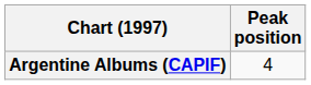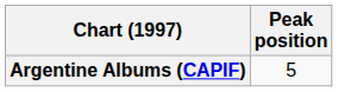 <table class="wikitable plainrowheaders">
 <tr>
 <th>Chart (1997)</th>
 <th>Peak<br>position</th>
 </tr>
 <tr>
 <th scope="row">Argentine Albums (<a href='#'>CAPIF</a>)</th>
-<td style="text-align:center;">4</td>
+<td style="text-align:center;">5</td>
 </tr>
 </table>
